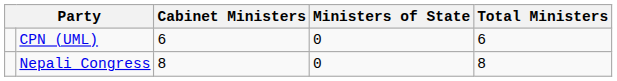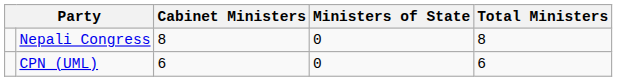 <table class="wikitable">
 <tr>
 <th colspan="2">Party</th>
 <th>Cabinet Ministers</th>
 <th>Ministers of State</th>
 <th>Total Ministers</th>
 </tr>
 <tr>
+<td></td>
+<td><a href='#'>Nepali Congress</a></td>
+<td>8</td>
+<td>0</td>
+<td>8</td>
+</tr>
+<tr>
 <td width="4px"></td>
 <td><a href='#'>CPN (UML)</a></td>
 <td>6</td>
 <td>0</td>
 <td>6</td>
 </tr>
-<tr>
-<td></td>
-<td><a href='#'>Nepali Congress</a></td>
-<td>8</td>
-<td>0</td>
-<td>8</td>
-</tr>
 </table>
